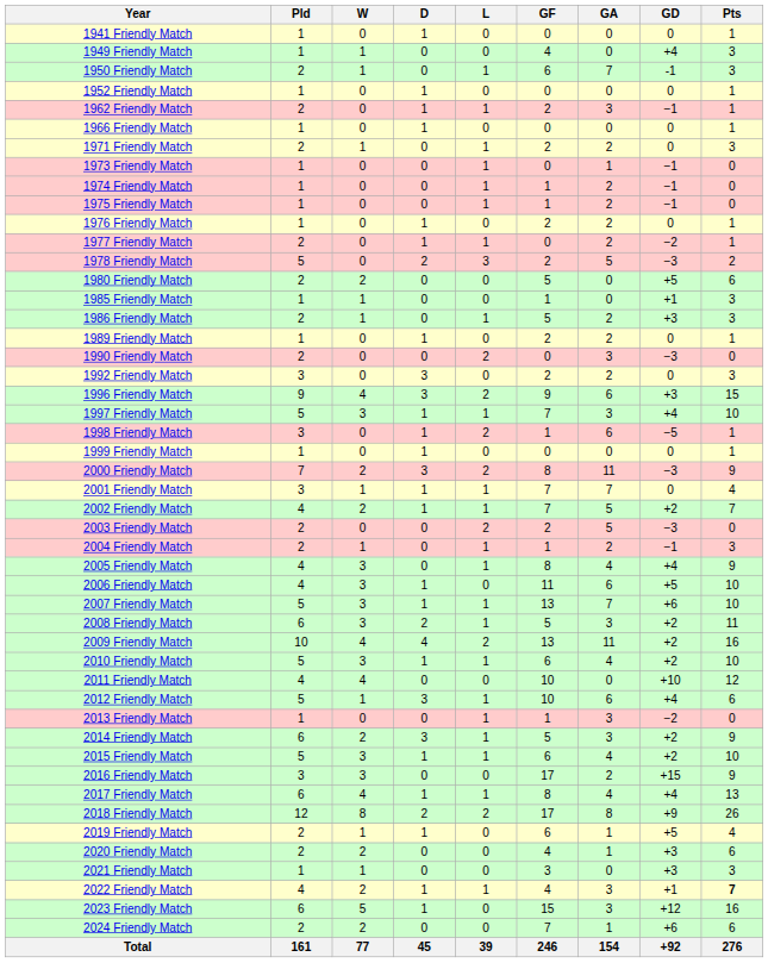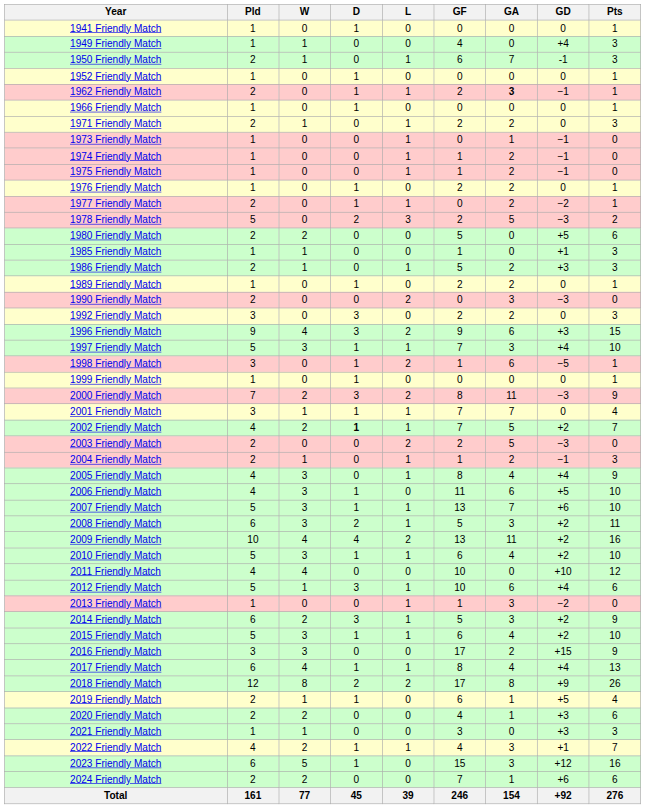 <table class="wikitable sortable" width=80% style="text-align:center">
 <tr>
 <th width=35%>Year</th>
 <th width=35>Pld</th>
 <th width=35>W</th>
 <th width=35>D</th>
 <th width=35>L</th>
 <th width=35>GF</th>
 <th width=35>GA</th>
 <th width=35>GD</th>
 <th width=35>Pts</th>
 </tr>
 <tr bgcolor=#FFFFCC>
 <td style="text-align:center;"><a href='#'>1941 Friendly Match</a></td>
 <td>1</td>
 <td>0</td>
 <td>1</td>
 <td>0</td>
 <td>0</td>
 <td>0</td>
 <td>0</td>
 <td>1</td>
 </tr>
 <tr bgcolor=#CCFFCC>
 <td style="text-align:center;"><a href='#'>1949 Friendly Match</a></td>
 <td>1</td>
 <td>1</td>
 <td>0</td>
 <td>0</td>
 <td>4</td>
 <td>0</td>
 <td>+4</td>
 <td>3</td>
 </tr>
 <tr bgcolor=#CCFFCC>
 <td style="text-align:center;"><a href='#'>1950 Friendly Match</a></td>
 <td>2</td>
 <td>1</td>
 <td>0</td>
 <td>1</td>
 <td>6</td>
 <td>7</td>
 <td>-1</td>
 <td>3</td>
 </tr>
 <tr bgcolor=#FFFFCC>
 <td style="text-align:center;"><a href='#'>1952 Friendly Match</a></td>
 <td>1</td>
 <td>0</td>
 <td>1</td>
 <td>0</td>
 <td>0</td>
 <td>0</td>
 <td>0</td>
 <td>1</td>
 </tr>
 <tr bgcolor=#FFCCCC>
 <td style="text-align:center;"><a href='#'>1962 Friendly Match</a></td>
 <td>2</td>
 <td>0</td>
 <td>1</td>
 <td>1</td>
 <td>2</td>
-<td>3</td>
+<td><strong>3</strong></td>
 <td>−1</td>
 <td>1</td>
 </tr>
 <tr bgcolor=#FFFFCC>
 <td style="text-align:center;"><a href='#'>1966 Friendly Match</a></td>
 <td>1</td>
 <td>0</td>
 <td>1</td>
 <td>0</td>
 <td>0</td>
 <td>0</td>
 <td>0</td>
 <td>1</td>
 </tr>
 <tr bgcolor=#FFFFCC>
 <td style="text-align:center;"><a href='#'>1971 Friendly Match</a></td>
 <td>2</td>
 <td>1</td>
 <td>0</td>
 <td>1</td>
 <td>2</td>
 <td>2</td>
 <td>0</td>
 <td>3</td>
 </tr>
 <tr bgcolor=#FFCCCC>
 <td style="text-align:center;"><a href='#'>1973 Friendly Match</a></td>
 <td>1</td>
 <td>0</td>
 <td>0</td>
 <td>1</td>
 <td>0</td>
 <td>1</td>
 <td>−1</td>
 <td>0</td>
 </tr>
 <tr bgcolor=#FFCCCC>
 <td style="text-align:center;"><a href='#'>1974 Friendly Match</a></td>
 <td>1</td>
 <td>0</td>
 <td>0</td>
 <td>1</td>
 <td>1</td>
 <td>2</td>
 <td>−1</td>
 <td>0</td>
 </tr>
 <tr bgcolor=#FFCCCC>
 <td style="text-align:center;"><a href='#'>1975 Friendly Match</a></td>
 <td>1</td>
 <td>0</td>
 <td>0</td>
 <td>1</td>
 <td>1</td>
 <td>2</td>
 <td>−1</td>
 <td>0</td>
 </tr>
 <tr bgcolor=#FFFFCC>
 <td style="text-align:center;"><a href='#'>1976 Friendly Match</a></td>
 <td>1</td>
 <td>0</td>
 <td>1</td>
 <td>0</td>
 <td>2</td>
 <td>2</td>
 <td>0</td>
 <td>1</td>
 </tr>
 <tr bgcolor=#FFCCCC>
 <td style="text-align:center;"><a href='#'>1977 Friendly Match</a></td>
 <td>2</td>
 <td>0</td>
 <td>1</td>
 <td>1</td>
 <td>0</td>
 <td>2</td>
 <td>−2</td>
 <td>1</td>
 </tr>
 <tr bgcolor=#FFCCCC>
 <td style="text-align:center;"><a href='#'>1978 Friendly Match</a></td>
 <td>5</td>
 <td>0</td>
 <td>2</td>
 <td>3</td>
 <td>2</td>
 <td>5</td>
 <td>−3</td>
 <td>2</td>
 </tr>
 <tr bgcolor=#CCFFCC>
 <td style="text-align:center;"><a href='#'>1980 Friendly Match</a></td>
 <td>2</td>
 <td>2</td>
 <td>0</td>
 <td>0</td>
 <td>5</td>
 <td>0</td>
 <td>+5</td>
 <td>6</td>
 </tr>
 <tr bgcolor=#CCFFCC>
 <td style="text-align:center;"><a href='#'>1985 Friendly Match</a></td>
 <td>1</td>
 <td>1</td>
 <td>0</td>
 <td>0</td>
 <td>1</td>
 <td>0</td>
 <td>+1</td>
 <td>3</td>
 </tr>
 <tr bgcolor=#CCFFCC>
 <td style="text-align:center;"><a href='#'>1986 Friendly Match</a></td>
 <td>2</td>
 <td>1</td>
 <td>0</td>
 <td>1</td>
 <td>5</td>
 <td>2</td>
 <td>+3</td>
 <td>3</td>
 </tr>
 <tr bgcolor=#FFFFCC>
 <td style="text-align:center;"><a href='#'>1989 Friendly Match</a></td>
 <td>1</td>
 <td>0</td>
 <td>1</td>
 <td>0</td>
 <td>2</td>
 <td>2</td>
 <td>0</td>
 <td>1</td>
 </tr>
 <tr bgcolor=#FFCCCC>
 <td style="text-align:center;"><a href='#'>1990 Friendly Match</a></td>
 <td>2</td>
 <td>0</td>
 <td>0</td>
 <td>2</td>
 <td>0</td>
 <td>3</td>
 <td>−3</td>
 <td>0</td>
 </tr>
 <tr bgcolor=#FFFFCC>
 <td style="text-align:center;"><a href='#'>1992 Friendly Match</a></td>
 <td>3</td>
 <td>0</td>
 <td>3</td>
 <td>0</td>
 <td>2</td>
 <td>2</td>
 <td>0</td>
 <td>3</td>
 </tr>
 <tr bgcolor=#CCFFCC>
 <td style="text-align:center;"><a href='#'>1996 Friendly Match</a></td>
 <td>9</td>
 <td>4</td>
 <td>3</td>
 <td>2</td>
 <td>9</td>
 <td>6</td>
 <td>+3</td>
 <td>15</td>
 </tr>
 <tr bgcolor=#CCFFCC>
 <td style="text-align:center;"><a href='#'>1997 Friendly Match</a></td>
 <td>5</td>
 <td>3</td>
 <td>1</td>
 <td>1</td>
 <td>7</td>
 <td>3</td>
 <td>+4</td>
 <td>10</td>
 </tr>
 <tr bgcolor=#FFCCCC>
 <td style="text-align:center;"><a href='#'>1998 Friendly Match</a></td>
 <td>3</td>
 <td>0</td>
 <td>1</td>
 <td>2</td>
 <td>1</td>
 <td>6</td>
 <td>−5</td>
 <td>1</td>
 </tr>
 <tr bgcolor=#FFFFCC>
 <td style="text-align:center;"><a href='#'>1999 Friendly Match</a></td>
 <td>1</td>
 <td>0</td>
 <td>1</td>
 <td>0</td>
 <td>0</td>
 <td>0</td>
 <td>0</td>
 <td>1</td>
 </tr>
 <tr bgcolor=#FFCCCC>
 <td style="text-align:center;"><a href='#'>2000 Friendly Match</a></td>
 <td>7</td>
 <td>2</td>
 <td>3</td>
 <td>2</td>
 <td>8</td>
 <td>11</td>
 <td>−3</td>
 <td>9</td>
 </tr>
 <tr bgcolor=#FFFFCC>
 <td style="text-align:center;"><a href='#'>2001 Friendly Match</a></td>
 <td>3</td>
 <td>1</td>
 <td>1</td>
 <td>1</td>
 <td>7</td>
 <td>7</td>
 <td>0</td>
 <td>4</td>
 </tr>
 <tr bgcolor=#CCFFCC>
 <td style="text-align:center;"><a href='#'>2002 Friendly Match</a></td>
 <td>4</td>
 <td>2</td>
-<td>1</td>
+<td><strong>1</strong></td>
 <td>1</td>
 <td>7</td>
 <td>5</td>
 <td>+2</td>
 <td>7</td>
 </tr>
 <tr bgcolor=#FFCCCC>
 <td style="text-align:center;"><a href='#'>2003 Friendly Match</a></td>
 <td>2</td>
 <td>0</td>
 <td>0</td>
 <td>2</td>
 <td>2</td>
 <td>5</td>
 <td>−3</td>
 <td>0</td>
 </tr>
 <tr bgcolor=#FFCCCC>
 <td style="text-align:center;"><a href='#'>2004 Friendly Match</a></td>
 <td>2</td>
 <td>1</td>
 <td>0</td>
 <td>1</td>
 <td>1</td>
 <td>2</td>
 <td>−1</td>
 <td>3</td>
 </tr>
 <tr bgcolor=#CCFFCC>
 <td style="text-align:center;"><a href='#'>2005 Friendly Match</a></td>
 <td>4</td>
 <td>3</td>
 <td>0</td>
 <td>1</td>
 <td>8</td>
 <td>4</td>
 <td>+4</td>
 <td>9</td>
 </tr>
 <tr bgcolor=#CCFFCC>
 <td style="text-align:center;"><a href='#'>2006 Friendly Match</a></td>
 <td>4</td>
 <td>3</td>
 <td>1</td>
 <td>0</td>
 <td>11</td>
 <td>6</td>
 <td>+5</td>
 <td>10</td>
 </tr>
 <tr bgcolor=#CCFFCC>
 <td style="text-align:center;"><a href='#'>2007 Friendly Match</a></td>
 <td>5</td>
 <td>3</td>
 <td>1</td>
 <td>1</td>
 <td>13</td>
 <td>7</td>
 <td>+6</td>
 <td>10</td>
 </tr>
 <tr bgcolor=#CCFFCC>
 <td style="text-align:center;"><a href='#'>2008 Friendly Match</a></td>
 <td>6</td>
 <td>3</td>
 <td>2</td>
 <td>1</td>
 <td>5</td>
 <td>3</td>
 <td>+2</td>
 <td>11</td>
 </tr>
 <tr bgcolor=#CCFFCC>
 <td style="text-align:center;"><a href='#'>2009 Friendly Match</a></td>
 <td>10</td>
 <td>4</td>
 <td>4</td>
 <td>2</td>
 <td>13</td>
 <td>11</td>
 <td>+2</td>
 <td>16</td>
 </tr>
 <tr bgcolor=#CCFFCC>
 <td style="text-align:center;"><a href='#'>2010 Friendly Match</a></td>
 <td>5</td>
 <td>3</td>
 <td>1</td>
 <td>1</td>
 <td>6</td>
 <td>4</td>
 <td>+2</td>
 <td>10</td>
 </tr>
 <tr bgcolor=#CCFFCC>
 <td style="text-align:center;"><a href='#'>2011 Friendly Match</a></td>
 <td>4</td>
 <td>4</td>
 <td>0</td>
 <td>0</td>
 <td>10</td>
 <td>0</td>
 <td>+10</td>
 <td>12</td>
 </tr>
 <tr bgcolor=#CCFFCC>
 <td style="text-align:center;"><a href='#'>2012 Friendly Match</a></td>
 <td>5</td>
 <td>1</td>
 <td>3</td>
 <td>1</td>
 <td>10</td>
 <td>6</td>
 <td>+4</td>
 <td>6</td>
 </tr>
 <tr bgcolor=#FFCCCC>
 <td style="text-align:center;"><a href='#'>2013 Friendly Match</a></td>
 <td>1</td>
 <td>0</td>
 <td>0</td>
 <td>1</td>
 <td>1</td>
 <td>3</td>
 <td>−2</td>
 <td>0</td>
 </tr>
 <tr bgcolor=#CCFFCC>
 <td style="text-align:center;"><a href='#'>2014 Friendly Match</a></td>
 <td>6</td>
 <td>2</td>
 <td>3</td>
 <td>1</td>
 <td>5</td>
 <td>3</td>
 <td>+2</td>
 <td>9</td>
 </tr>
 <tr bgcolor=#CCFFCC>
 <td style="text-align:center;"><a href='#'>2015 Friendly Match</a></td>
 <td>5</td>
 <td>3</td>
 <td>1</td>
 <td>1</td>
 <td>6</td>
 <td>4</td>
 <td>+2</td>
 <td>10</td>
 </tr>
 <tr bgcolor=#CCFFCC>
 <td style="text-align:center;"><a href='#'>2016 Friendly Match</a></td>
 <td>3</td>
 <td>3</td>
 <td>0</td>
 <td>0</td>
 <td>17</td>
 <td>2</td>
 <td>+15</td>
 <td>9</td>
 </tr>
 <tr bgcolor=#CCFFCC>
 <td style="text-align:center;"><a href='#'>2017 Friendly Match</a></td>
 <td>6</td>
 <td>4</td>
 <td>1</td>
 <td>1</td>
 <td>8</td>
 <td>4</td>
 <td>+4</td>
 <td>13</td>
 </tr>
 <tr bgcolor=#CCFFCC>
 <td style="text-align:center;"><a href='#'>2018 Friendly Match</a></td>
 <td>12</td>
 <td>8</td>
 <td>2</td>
 <td>2</td>
 <td>17</td>
 <td>8</td>
 <td>+9</td>
 <td>26</td>
 </tr>
 <tr bgcolor=#FFFFCC>
 <td style="text-align:center;"><a href='#'>2019 Friendly Match</a></td>
 <td>2</td>
 <td>1</td>
 <td>1</td>
 <td>0</td>
 <td>6</td>
 <td>1</td>
 <td>+5</td>
 <td>4</td>
 </tr>
 <tr bgcolor=#CCFFCC>
 <td style="text-align:center;"><a href='#'>2020 Friendly Match</a></td>
 <td>2</td>
 <td>2</td>
 <td>0</td>
 <td>0</td>
 <td>4</td>
 <td>1</td>
 <td>+3</td>
 <td>6</td>
 </tr>
 <tr bgcolor=#CCFFCC>
 <td style="text-align:center;"><a href='#'>2021 Friendly Match</a></td>
 <td>1</td>
 <td>1</td>
 <td>0</td>
 <td>0</td>
 <td>3</td>
 <td>0</td>
 <td>+3</td>
 <td>3</td>
 </tr>
 <tr bgcolor=#FFFFCC>
 <td style="text-align:center;"><a href='#'>2022 Friendly Match</a></td>
 <td>4</td>
 <td>2</td>
 <td>1</td>
 <td>1</td>
 <td>4</td>
 <td>3</td>
 <td>+1</td>
-<td><strong>7</strong></td>
+<td>7</td>
 </tr>
 <tr bgcolor=#CCFFCC>
 <td style="text-align:center;"><a href='#'>2023 Friendly Match</a></td>
 <td>6</td>
 <td>5</td>
 <td>1</td>
 <td>0</td>
 <td>15</td>
 <td>3</td>
 <td>+12</td>
 <td>16</td>
 </tr>
 <tr bgcolor=#CCFFCC>
 <td style="text-align:center;"><a href='#'>2024 Friendly Match</a></td>
 <td>2</td>
 <td>2</td>
 <td>0</td>
 <td>0</td>
 <td>7</td>
 <td>1</td>
 <td>+6</td>
 <td>6</td>
 </tr>
 <tr>
 <th align=center>Total</th>
 <th>161</th>
 <th>77</th>
 <th>45</th>
 <th>39</th>
 <th>246</th>
 <th>154</th>
 <th>+92</th>
 <th>276</th>
 </tr>
 </table>
